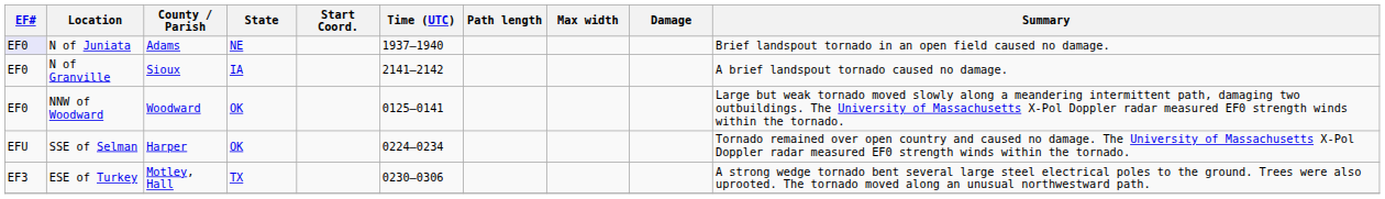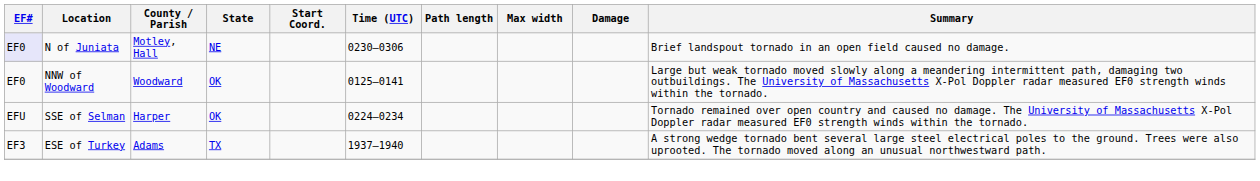 <table class="wikitable sortable" style="width:100%;">
 <tr>
 <th scope="col" width="3%" align="center"><a href='#'>EF#</a></th>
 <th scope="col" width="7%" align="center" class="unsortable">Location</th>
 <th scope="col" width="6%" align="center" class="unsortable">County / Parish</th>
 <th scope="col" width="5%" align="center">State</th>
 <th scope="col" width="6%" align="center">Start Coord.</th>
 <th scope="col" width="6%" align="center">Time (<a href='#'>UTC</a>)</th>
 <th scope="col" width="6%" align="center">Path length</th>
 <th scope="col" width="6%" align="center">Max width</th>
 <th scope="col" width="6%" align="center">Damage</th>
 <th scope="col" width="48%" class="unsortable" align="center">Summary</th>
 </tr>
 <tr>
 <td style="background: lavender;">EF0</td>
 <td>N of <a href='#'>Juniata</a></td>
-<td><a href='#'>Adams</a></td>
+<td><a href='#'>Motley</a>, <a href='#'>Hall</a></td>
 <td><a href='#'>NE</a></td>
 <td></td>
-<td>1937–1940</td>
+<td>0230–0306</td>
 <td></td>
 <td></td>
 <td></td>
 <td>Brief landspout tornado in an open field caused no damage.</td>
-</tr>
-<tr>
-<td>EF0</td>
-<td>N of <a href='#'>Granville</a></td>
-<td><a href='#'>Sioux</a></td>
-<td><a href='#'>IA</a></td>
-<td></td>
-<td>2141–2142</td>
-<td></td>
-<td></td>
-<td></td>
-<td>A brief landspout tornado caused no damage.</td>
 </tr>
 <tr>
 <td>EF0</td>
 <td>NNW of <a href='#'>Woodward</a></td>
 <td><a href='#'>Woodward</a></td>
 <td><a href='#'>OK</a></td>
 <td></td>
 <td>0125–0141</td>
 <td></td>
 <td></td>
 <td></td>
 <td>Large but weak tornado moved slowly along a meandering intermittent path, damaging two outbuildings. The <a href='#'>University of Massachusetts</a> X-Pol Doppler radar measured EF0 strength winds within the tornado.</td>
 </tr>
 <tr>
 <td>EFU</td>
 <td>SSE of <a href='#'>Selman</a></td>
 <td><a href='#'>Harper</a></td>
 <td><a href='#'>OK</a></td>
 <td></td>
 <td>0224–0234</td>
 <td></td>
 <td></td>
 <td></td>
 <td>Tornado remained over open country and caused no damage. The <a href='#'>University of Massachusetts</a> X-Pol Doppler radar measured EF0 strength winds within the tornado.</td>
 </tr>
 <tr>
 <td>EF3</td>
 <td>ESE of <a href='#'>Turkey</a></td>
-<td><a href='#'>Motley</a>, <a href='#'>Hall</a></td>
+<td><a href='#'>Adams</a></td>
 <td><a href='#'>TX</a></td>
 <td></td>
-<td>0230–0306</td>
+<td>1937–1940</td>
 <td></td>
 <td></td>
 <td></td>
 <td>A strong wedge tornado bent several large steel electrical poles to the ground. Trees were also uprooted. The tornado moved along an unusual northwestward path.</td>
 </tr>
 <tr>
 </tr>
 </table>
